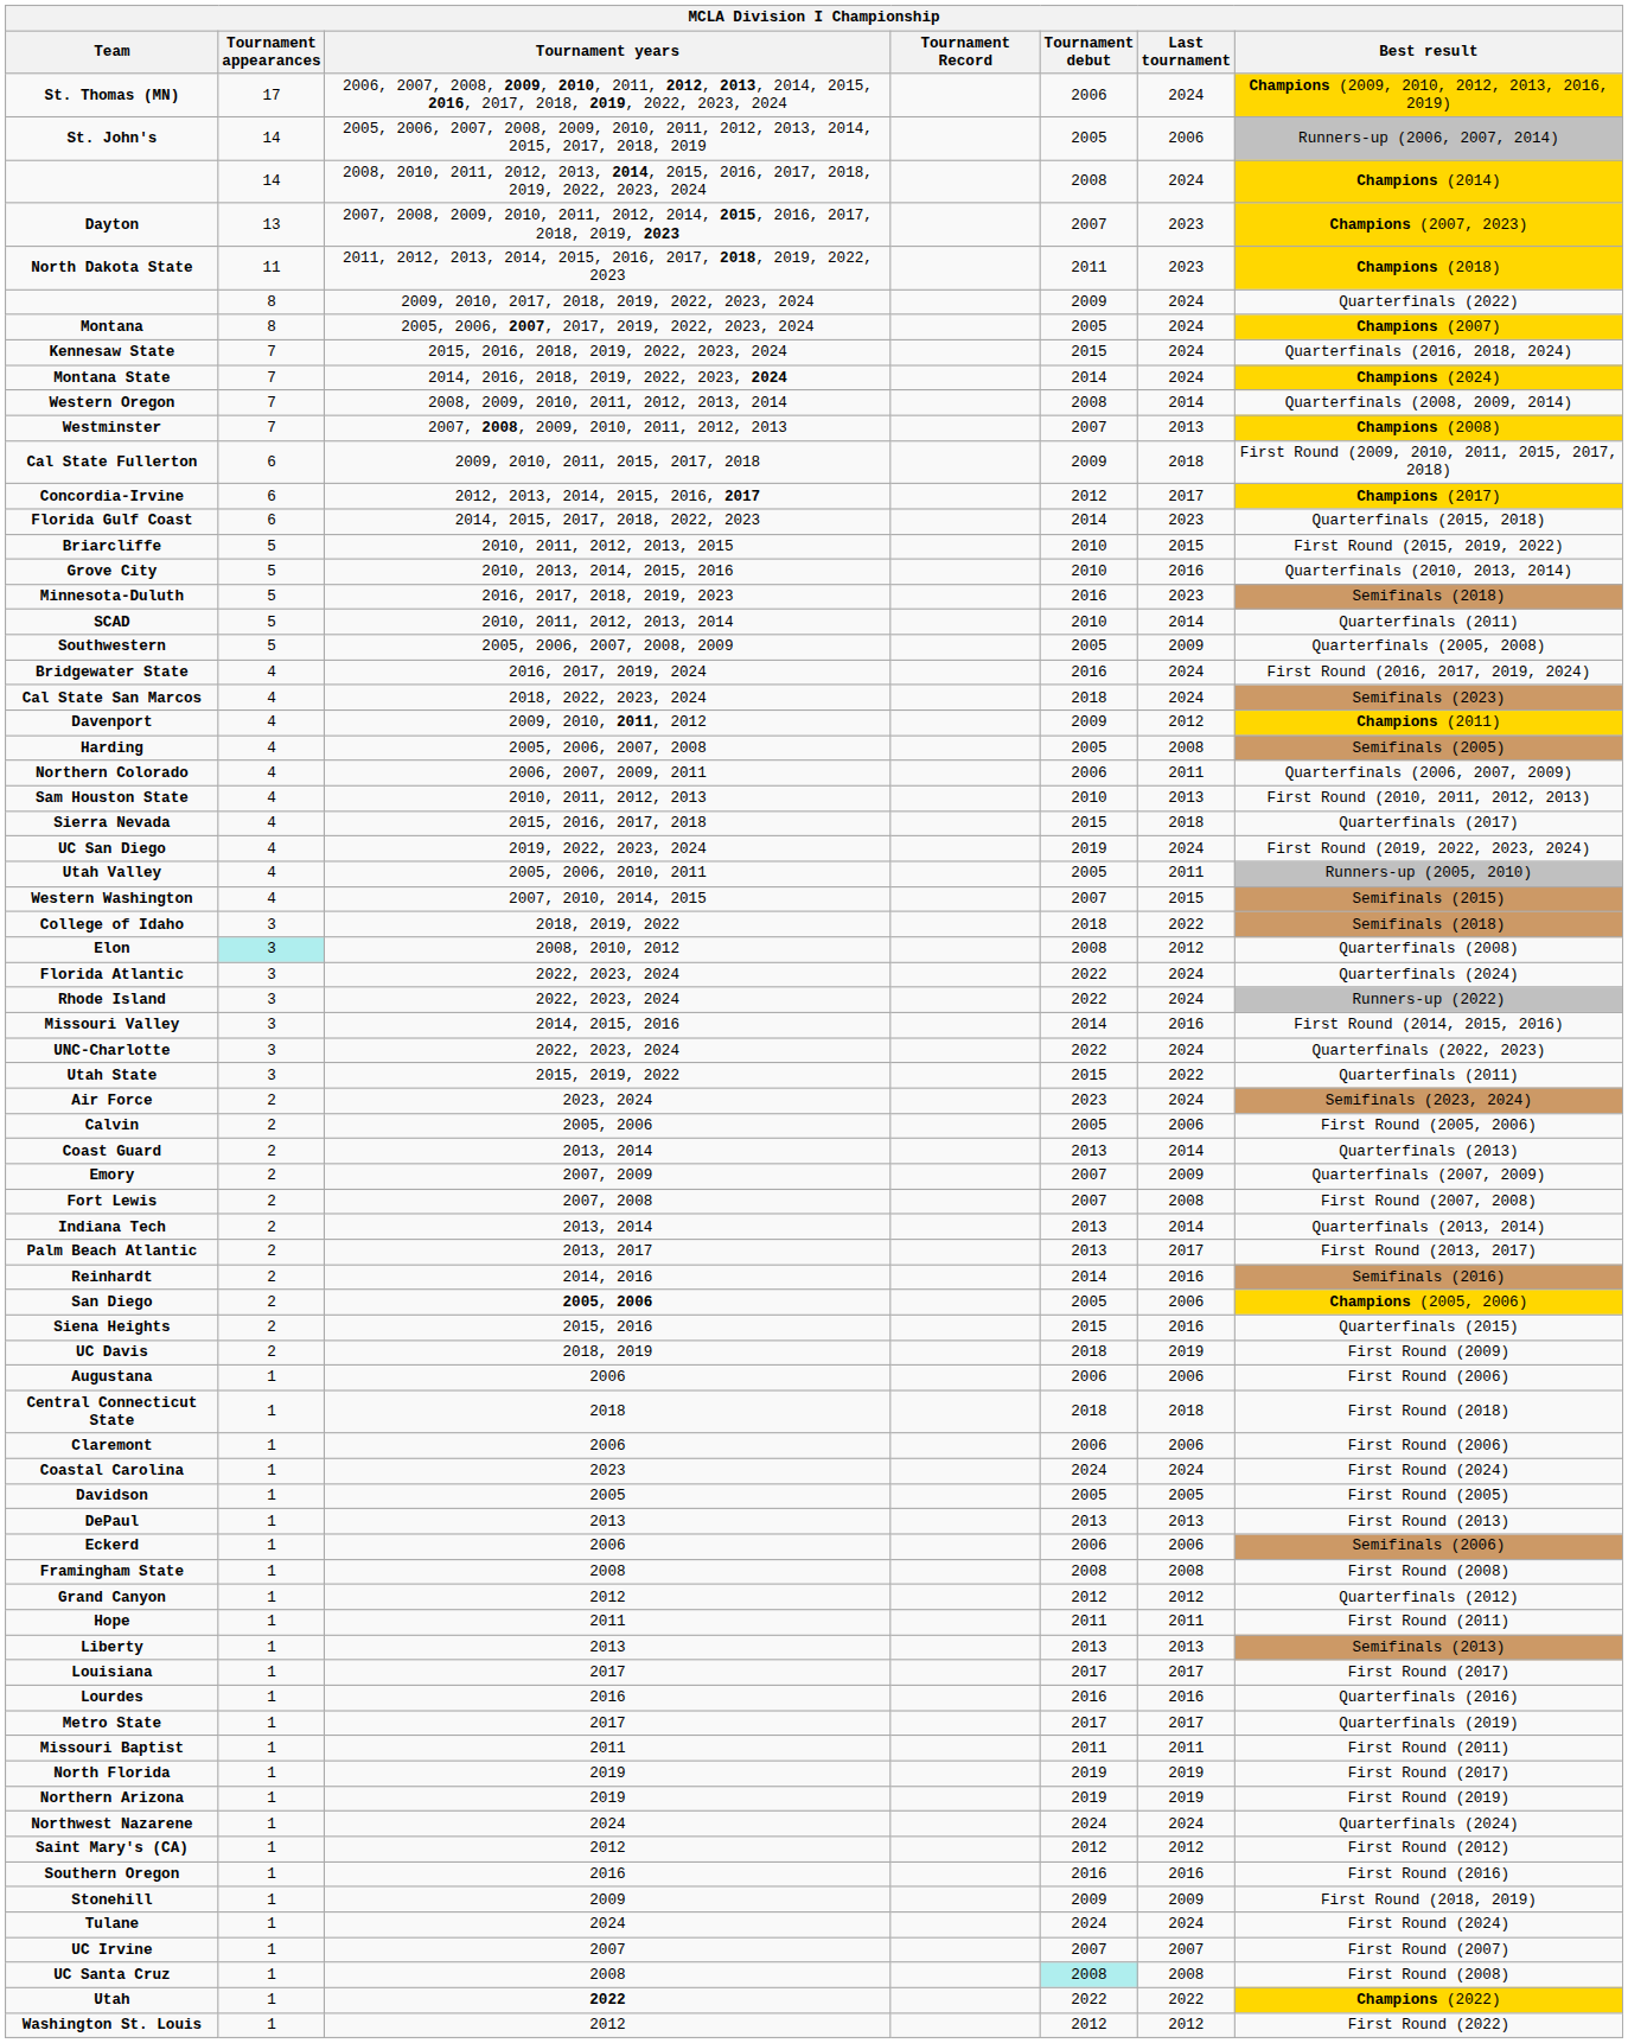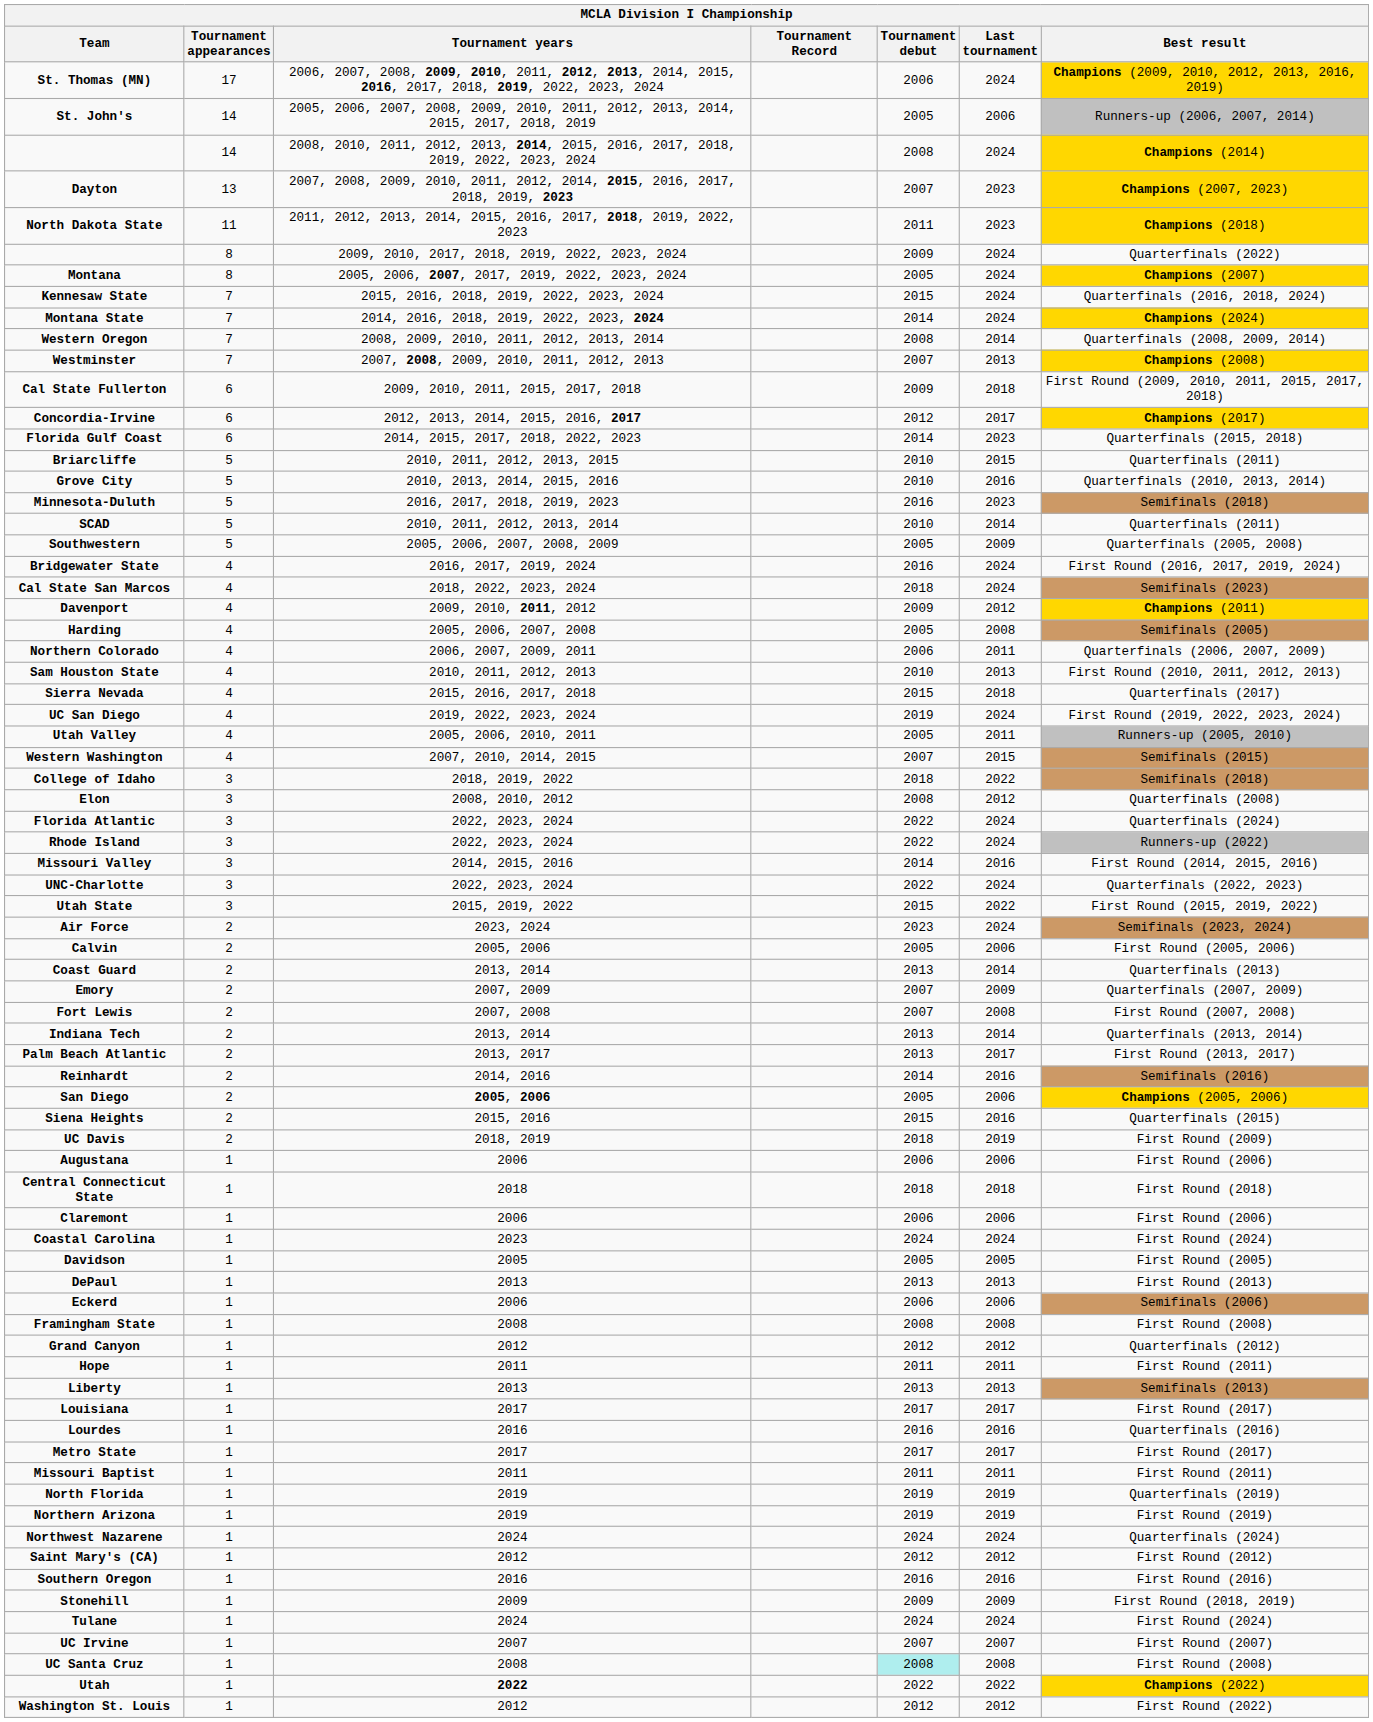 <table class="wikitable sortable" style="font-size:90%; width: 100%; text-align: center;">
 <tr>
 <th colspan="9">MCLA Division I Championship</th>
 </tr>
 <tr>
 <th>Team</th>
 <th width="5%">Tournament appearances</th>
 <th width="35%">Tournament years</th>
 <th>Tournament Record</th>
 <th width="5%">Tournament debut</th>
 <th width="5%">Last tournament</th>
 <th>Best result</th>
 </tr>
 <tr>
 <td style=><strong>St. Thomas (MN)</strong></td>
 <td>17</td>
 <td>2006, 2007, 2008, <strong>2009</strong>, <strong>2010</strong>, 2011, <strong>2012</strong>, <strong>2013</strong>, 2014, 2015, <strong>2016</strong>, 2017, 2018, <strong>2019</strong>, 2022, 2023, 2024</td>
 <td></td>
 <td>2006</td>
 <td>2024</td>
 <td style="background:gold;"><strong>Champions</strong> (2009, 2010, 2012, 2013, 2016, 2019)</td>
 </tr>
 <tr>
 <td style=><strong>St. John's</strong></td>
 <td>14</td>
 <td>2005, 2006, 2007, 2008, 2009, 2010, 2011, 2012, 2013, 2014, 2015, 2017, 2018, 2019</td>
 <td></td>
 <td>2005</td>
 <td>2006</td>
 <td style="background:silver;">Runners-up (2006, 2007, 2014)</td>
 </tr>
 <tr>
 <td><strong></strong></td>
 <td>14</td>
 <td>2008, 2010, 2011, 2012, 2013, <strong>2014</strong>, 2015, 2016, 2017, 2018, 2019, 2022, 2023, 2024</td>
 <td></td>
 <td>2008</td>
 <td>2024</td>
 <td style="background:gold;"><strong>Champions</strong> (2014)</td>
 </tr>
 <tr>
 <td style=><strong>Dayton</strong></td>
 <td>13</td>
 <td>2007, 2008, 2009, 2010, 2011, 2012, 2014, <strong>2015</strong>, 2016, 2017, 2018, 2019, <strong>2023</strong></td>
 <td></td>
 <td>2007</td>
 <td>2023</td>
 <td style="background:gold;"><strong>Champions</strong> (2007, 2023)</td>
 </tr>
 <tr>
 <td style=><strong>North Dakota State</strong></td>
 <td>11</td>
 <td>2011, 2012, 2013, 2014, 2015, 2016, 2017, <strong>2018</strong>, 2019, 2022, 2023</td>
 <td></td>
 <td>2011</td>
 <td>2023</td>
 <td style="background:gold;"><strong>Champions</strong> (2018)</td>
 </tr>
 <tr>
 <td style=><strong></strong></td>
 <td>8</td>
 <td>2009, 2010, 2017, 2018, 2019, 2022, 2023, 2024</td>
 <td></td>
 <td>2009</td>
 <td>2024</td>
 <td>Quarterfinals (2022)</td>
 </tr>
 <tr>
 <td style=><strong>Montana</strong></td>
 <td>8</td>
 <td>2005, 2006, <strong>2007</strong>, 2017, 2019, 2022, 2023, 2024</td>
 <td></td>
 <td>2005</td>
 <td>2024</td>
 <td style="background:gold;"><strong>Champions</strong> (2007)</td>
 </tr>
 <tr>
 <td><strong>Kennesaw State</strong></td>
 <td>7</td>
 <td>2015, 2016, 2018, 2019, 2022, 2023, 2024</td>
 <td></td>
 <td>2015</td>
 <td>2024</td>
 <td>Quarterfinals (2016, 2018, 2024)</td>
 </tr>
 <tr>
 <td><strong>Montana State</strong></td>
 <td>7</td>
 <td>2014, 2016, 2018, 2019, 2022, 2023, <strong>2024</strong></td>
 <td></td>
 <td>2014</td>
 <td>2024</td>
 <td style="background:gold;"><strong>Champions</strong> (2024)</td>
 </tr>
 <tr>
 <td style=><strong>Western Oregon</strong></td>
 <td>7</td>
 <td>2008, 2009, 2010, 2011, 2012, 2013, 2014</td>
 <td></td>
 <td>2008</td>
 <td>2014</td>
 <td>Quarterfinals (2008, 2009, 2014)</td>
 </tr>
 <tr>
 <td style=><strong>Westminster</strong></td>
 <td>7</td>
 <td>2007, <strong>2008</strong>, 2009, 2010, 2011, 2012, 2013</td>
 <td></td>
 <td>2007</td>
 <td>2013</td>
 <td style="background:gold;"><strong>Champions</strong> (2008)</td>
 </tr>
 <tr>
 <td style=><strong>Cal State Fullerton</strong></td>
 <td>6</td>
 <td>2009, 2010, 2011, 2015, 2017, 2018</td>
 <td></td>
 <td>2009</td>
 <td>2018</td>
 <td>First Round (2009, 2010, 2011, 2015, 2017, 2018)</td>
 </tr>
 <tr>
 <td style=><strong>Concordia-Irvine</strong></td>
 <td>6</td>
 <td>2012, 2013, 2014, 2015, 2016, <strong>2017</strong></td>
 <td></td>
 <td>2012</td>
 <td>2017</td>
 <td style="background:gold;"><strong>Champions</strong> (2017)</td>
 </tr>
 <tr>
 <td style=><strong>Florida Gulf Coast</strong></td>
 <td>6</td>
 <td>2014, 2015, 2017, 2018, 2022, 2023</td>
 <td></td>
 <td>2014</td>
 <td>2023</td>
 <td>Quarterfinals (2015, 2018)</td>
 </tr>
 <tr>
 <td style=><strong>Briarcliffe</strong></td>
 <td>5</td>
 <td>2010, 2011, 2012, 2013, 2015</td>
 <td></td>
 <td>2010</td>
 <td>2015</td>
-<td>First Round (2015, 2019, 2022)</td>
+<td>Quarterfinals (2011)</td>
 </tr>
 <tr>
 <td style=><strong>Grove City</strong></td>
 <td>5</td>
 <td>2010, 2013, 2014, 2015, 2016</td>
 <td></td>
 <td>2010</td>
 <td>2016</td>
 <td>Quarterfinals (2010, 2013, 2014)</td>
 </tr>
 <tr>
 <td style=><strong>Minnesota-Duluth</strong></td>
 <td>5</td>
 <td>2016, 2017, 2018, 2019, 2023</td>
 <td></td>
 <td>2016</td>
 <td>2023</td>
 <td style="background:#c96;">Semifinals (2018)</td>
 </tr>
 <tr>
 <td style=><strong>SCAD</strong></td>
 <td>5</td>
 <td>2010, 2011, 2012, 2013, 2014</td>
 <td></td>
 <td>2010</td>
 <td>2014</td>
 <td>Quarterfinals (2011)</td>
 </tr>
 <tr>
 <td style=><strong>Southwestern</strong></td>
 <td>5</td>
 <td>2005, 2006, 2007, 2008, 2009</td>
 <td></td>
 <td>2005</td>
 <td>2009</td>
 <td>Quarterfinals (2005, 2008)</td>
 </tr>
 <tr>
 <td><strong>Bridgewater State</strong></td>
 <td>4</td>
 <td>2016, 2017, 2019, 2024</td>
 <td></td>
 <td>2016</td>
 <td>2024</td>
 <td>First Round (2016, 2017, 2019, 2024)</td>
 </tr>
 <tr>
 <td><strong>Cal State San Marcos</strong></td>
 <td>4</td>
 <td>2018, 2022, 2023, 2024</td>
 <td></td>
 <td>2018</td>
 <td>2024</td>
 <td style="background:#c96;">Semifinals (2023)</td>
 </tr>
 <tr>
 <td style=><strong>Davenport</strong></td>
 <td>4</td>
 <td>2009, 2010, <strong>2011</strong>, 2012</td>
 <td></td>
 <td>2009</td>
 <td>2012</td>
 <td style="background:gold;"><strong>Champions</strong> (2011)</td>
 </tr>
 <tr>
 <td style=><strong>Harding</strong></td>
 <td>4</td>
 <td>2005, 2006, 2007, 2008</td>
 <td></td>
 <td>2005</td>
 <td>2008</td>
 <td style="background:#c96;">Semifinals (2005)</td>
 </tr>
 <tr>
 <td style=><strong>Northern Colorado</strong></td>
 <td>4</td>
 <td>2006, 2007, 2009, 2011</td>
 <td></td>
 <td>2006</td>
 <td>2011</td>
 <td>Quarterfinals (2006, 2007, 2009)</td>
 </tr>
 <tr>
 <td style=><strong>Sam Houston State</strong></td>
 <td>4</td>
 <td>2010, 2011, 2012, 2013</td>
 <td></td>
 <td>2010</td>
 <td>2013</td>
 <td>First Round (2010, 2011, 2012, 2013)</td>
 </tr>
 <tr>
 <td style=><strong>Sierra Nevada</strong></td>
 <td>4</td>
 <td>2015, 2016, 2017, 2018</td>
 <td></td>
 <td>2015</td>
 <td>2018</td>
 <td>Quarterfinals (2017)</td>
 </tr>
 <tr>
 <td><strong>UC San Diego</strong></td>
 <td>4</td>
 <td>2019, 2022, 2023, 2024</td>
 <td></td>
 <td>2019</td>
 <td>2024</td>
 <td>First Round (2019, 2022, 2023, 2024)</td>
 </tr>
 <tr>
 <td style=><strong>Utah Valley</strong></td>
 <td>4</td>
 <td>2005, 2006, 2010, 2011</td>
 <td></td>
 <td>2005</td>
 <td>2011</td>
 <td style="background:silver;">Runners-up (2005, 2010)</td>
 </tr>
 <tr>
 <td style=><strong>Western Washington</strong></td>
 <td>4</td>
 <td>2007, 2010, 2014, 2015</td>
 <td></td>
 <td>2007</td>
 <td>2015</td>
 <td style="background:#c96;">Semifinals (2015)</td>
 </tr>
 <tr>
 <td style=><strong>College of Idaho</strong></td>
 <td>3</td>
 <td>2018, 2019, 2022</td>
 <td></td>
 <td>2018</td>
 <td>2022</td>
 <td style="background:#c96;">Semifinals (2018)</td>
 </tr>
 <tr>
 <td style=><strong>Elon</strong></td>
-<td style="background: paleturquoise;">3</td>
+<td>3</td>
 <td>2008, 2010, 2012</td>
 <td></td>
 <td>2008</td>
 <td>2012</td>
 <td>Quarterfinals (2008)</td>
 </tr>
 <tr>
 <td><strong>Florida Atlantic</strong></td>
 <td>3</td>
 <td>2022, 2023, 2024</td>
 <td></td>
 <td>2022</td>
 <td>2024</td>
 <td>Quarterfinals (2024)</td>
 </tr>
 <tr>
 <td><strong>Rhode Island</strong></td>
 <td>3</td>
 <td>2022, 2023, 2024</td>
 <td></td>
 <td>2022</td>
 <td>2024</td>
 <td style="background:silver;">Runners-up (2022)</td>
 </tr>
 <tr>
 <td style=><strong>Missouri Valley</strong></td>
 <td>3</td>
 <td>2014, 2015, 2016</td>
 <td></td>
 <td>2014</td>
 <td>2016</td>
 <td>First Round (2014, 2015, 2016)</td>
 </tr>
 <tr>
 <td><strong>UNC-Charlotte</strong></td>
 <td>3</td>
 <td>2022, 2023, 2024</td>
 <td></td>
 <td>2022</td>
 <td>2024</td>
 <td>Quarterfinals (2022, 2023)</td>
 </tr>
 <tr>
 <td style=><strong>Utah State</strong></td>
 <td>3</td>
 <td>2015, 2019, 2022</td>
 <td></td>
 <td>2015</td>
 <td>2022</td>
-<td>Quarterfinals (2011)</td>
+<td>First Round (2015, 2019, 2022)</td>
 </tr>
 <tr>
 <td><strong>Air Force</strong></td>
 <td>2</td>
 <td>2023, 2024</td>
 <td></td>
 <td>2023</td>
 <td>2024</td>
 <td style="background:#c96;">Semifinals (2023, 2024)</td>
 </tr>
 <tr>
 <td style=><strong>Calvin</strong></td>
 <td>2</td>
 <td>2005, 2006</td>
 <td></td>
 <td>2005</td>
 <td>2006</td>
 <td>First Round (2005, 2006)</td>
 </tr>
 <tr>
 <td style=><strong>Coast Guard</strong></td>
 <td>2</td>
 <td>2013, 2014</td>
 <td></td>
 <td>2013</td>
 <td>2014</td>
 <td>Quarterfinals (2013)</td>
 </tr>
 <tr>
 <td style=><strong>Emory</strong></td>
 <td>2</td>
 <td>2007, 2009</td>
 <td></td>
 <td>2007</td>
 <td>2009</td>
 <td>Quarterfinals (2007, 2009)</td>
 </tr>
 <tr>
 <td style=><strong>Fort Lewis</strong></td>
 <td>2</td>
 <td>2007, 2008</td>
 <td></td>
 <td>2007</td>
 <td>2008</td>
 <td>First Round (2007, 2008)</td>
 </tr>
 <tr>
 <td style=><strong>Indiana Tech</strong></td>
 <td>2</td>
 <td>2013, 2014</td>
 <td></td>
 <td>2013</td>
 <td>2014</td>
 <td>Quarterfinals (2013, 2014)</td>
 </tr>
 <tr>
 <td style=><strong>Palm Beach Atlantic</strong></td>
 <td>2</td>
 <td>2013, 2017</td>
 <td></td>
 <td>2013</td>
 <td>2017</td>
 <td>First Round (2013, 2017)</td>
 </tr>
 <tr>
 <td style=><strong>Reinhardt</strong></td>
 <td>2</td>
 <td>2014, 2016</td>
 <td></td>
 <td>2014</td>
 <td>2016</td>
 <td style="background:#c96;">Semifinals (2016)</td>
 </tr>
 <tr>
 <td style=><strong>San Diego</strong></td>
 <td>2</td>
 <td><strong>2005</strong>, <strong>2006</strong></td>
 <td></td>
 <td>2005</td>
 <td>2006</td>
 <td style="background:gold;"><strong>Champions</strong> (2005, 2006)</td>
 </tr>
 <tr>
 <td style=><strong>Siena Heights</strong></td>
 <td>2</td>
 <td>2015, 2016</td>
 <td></td>
 <td>2015</td>
 <td>2016</td>
 <td>Quarterfinals (2015)</td>
 </tr>
 <tr>
 <td style=><strong>UC Davis</strong></td>
 <td>2</td>
 <td>2018, 2019</td>
 <td></td>
 <td>2018</td>
 <td>2019</td>
 <td>First Round (2009)</td>
 </tr>
 <tr>
 <td style=><strong>Augustana</strong></td>
 <td>1</td>
 <td>2006</td>
 <td></td>
 <td>2006</td>
 <td>2006</td>
 <td>First Round (2006)</td>
 </tr>
 <tr>
 <td><strong>Central Connecticut State</strong></td>
 <td>1</td>
 <td>2018</td>
 <td></td>
 <td>2018</td>
 <td>2018</td>
 <td>First Round (2018)</td>
 </tr>
 <tr>
 <td><strong>Claremont</strong></td>
 <td>1</td>
 <td>2006</td>
 <td></td>
 <td>2006</td>
 <td>2006</td>
 <td>First Round (2006)</td>
 </tr>
 <tr>
 <td><strong>Coastal Carolina</strong></td>
 <td>1</td>
 <td>2023</td>
 <td></td>
 <td>2024</td>
 <td>2024</td>
 <td>First Round (2024)</td>
 </tr>
 <tr>
 <td><strong>Davidson</strong></td>
 <td>1</td>
 <td>2005</td>
 <td></td>
 <td>2005</td>
 <td>2005</td>
 <td>First Round (2005)</td>
 </tr>
 <tr>
 <td><strong>DePaul</strong></td>
 <td>1</td>
 <td>2013</td>
 <td></td>
 <td>2013</td>
 <td>2013</td>
 <td>First Round (2013)</td>
 </tr>
 <tr>
 <td><strong>Eckerd</strong></td>
 <td>1</td>
 <td>2006</td>
 <td></td>
 <td>2006</td>
 <td>2006</td>
 <td style="background:#c96;">Semifinals (2006)</td>
 </tr>
 <tr>
 <td><strong>Framingham State</strong></td>
 <td>1</td>
 <td>2008</td>
 <td></td>
 <td>2008</td>
 <td>2008</td>
 <td>First Round (2008)</td>
 </tr>
 <tr>
 <td><strong>Grand Canyon</strong></td>
 <td>1</td>
 <td>2012</td>
 <td></td>
 <td>2012</td>
 <td>2012</td>
 <td>Quarterfinals (2012)</td>
 </tr>
 <tr>
 <td><strong>Hope</strong></td>
 <td>1</td>
 <td>2011</td>
 <td></td>
 <td>2011</td>
 <td>2011</td>
 <td>First Round (2011)</td>
 </tr>
 <tr>
 <td><strong>Liberty</strong></td>
 <td>1</td>
 <td>2013</td>
 <td></td>
 <td>2013</td>
 <td>2013</td>
 <td style="background:#c96;">Semifinals (2013)</td>
 </tr>
 <tr>
 <td><strong>Louisiana</strong></td>
 <td>1</td>
 <td>2017</td>
 <td></td>
 <td>2017</td>
 <td>2017</td>
 <td>First Round (2017)</td>
 </tr>
 <tr>
 <td><strong>Lourdes</strong></td>
 <td>1</td>
 <td>2016</td>
 <td></td>
 <td>2016</td>
 <td>2016</td>
 <td>Quarterfinals (2016)</td>
 </tr>
 <tr>
 <td><strong>Metro State</strong></td>
 <td>1</td>
 <td>2017</td>
 <td></td>
 <td>2017</td>
 <td>2017</td>
-<td>Quarterfinals (2019)</td>
+<td>First Round (2017)</td>
 </tr>
 <tr>
 <td><strong>Missouri Baptist</strong></td>
 <td>1</td>
 <td>2011</td>
 <td></td>
 <td>2011</td>
 <td>2011</td>
 <td>First Round (2011)</td>
 </tr>
 <tr>
 <td><strong>North Florida</strong></td>
 <td>1</td>
 <td>2019</td>
 <td></td>
 <td>2019</td>
 <td>2019</td>
-<td>First Round (2017)</td>
+<td>Quarterfinals (2019)</td>
 </tr>
 <tr>
 <td><strong>Northern Arizona</strong></td>
 <td>1</td>
 <td>2019</td>
 <td></td>
 <td>2019</td>
 <td>2019</td>
 <td>First Round (2019)</td>
 </tr>
 <tr>
 <td><strong>Northwest Nazarene</strong></td>
 <td>1</td>
 <td>2024</td>
 <td></td>
 <td>2024</td>
 <td>2024</td>
 <td>Quarterfinals (2024)</td>
 </tr>
 <tr>
 <td><strong>Saint Mary's (CA)</strong></td>
 <td>1</td>
 <td>2012</td>
 <td></td>
 <td>2012</td>
 <td>2012</td>
 <td>First Round (2012)</td>
 </tr>
 <tr>
 <td><strong>Southern Oregon</strong></td>
 <td>1</td>
 <td>2016</td>
 <td></td>
 <td>2016</td>
 <td>2016</td>
 <td>First Round (2016)</td>
 </tr>
 <tr>
 <td><strong>Stonehill</strong></td>
 <td>1</td>
 <td>2009</td>
 <td></td>
 <td>2009</td>
 <td>2009</td>
 <td>First Round (2018, 2019)</td>
 </tr>
 <tr>
 <td><strong>Tulane</strong></td>
 <td>1</td>
 <td>2024</td>
 <td></td>
 <td>2024</td>
 <td>2024</td>
 <td>First Round (2024)</td>
 </tr>
 <tr>
 <td style=><strong>UC Irvine</strong></td>
 <td>1</td>
 <td>2007</td>
 <td></td>
 <td>2007</td>
 <td>2007</td>
 <td>First Round (2007)</td>
 </tr>
 <tr>
 <td style=><strong>UC Santa Cruz</strong></td>
 <td>1</td>
 <td>2008</td>
 <td></td>
 <td style="background: paleturquoise;">2008</td>
 <td>2008</td>
 <td>First Round (2008)</td>
 </tr>
 <tr>
 <td style=><strong>Utah</strong></td>
 <td>1</td>
 <td><strong>2022</strong></td>
 <td></td>
 <td>2022</td>
 <td>2022</td>
 <td style="background:gold;"><strong>Champions</strong> (2022)</td>
 </tr>
 <tr>
 <td style=><strong>Washington St. Louis</strong></td>
 <td>1</td>
 <td>2012</td>
 <td></td>
 <td>2012</td>
 <td>2012</td>
 <td>First Round (2022)</td>
 </tr>
 </table>
